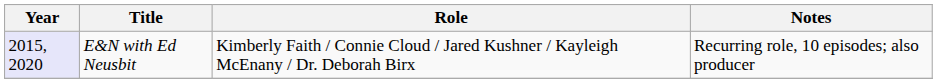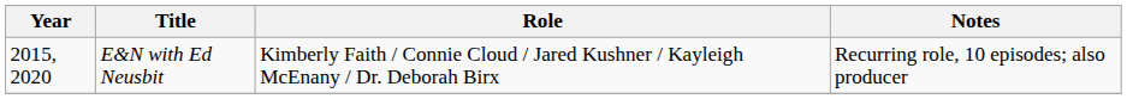 <table class="wikitable">
 <tr>
 <th>Year</th>
 <th>Title</th>
 <th>Role</th>
 <th>Notes</th>
 </tr>
 <tr>
-<td style="background: lavender;">2015, 2020</td>
+<td>2015, 2020</td>
 <td><em>E&N with Ed Neusbit</em></td>
 <td>Kimberly Faith / Connie Cloud / Jared Kushner / Kayleigh McEnany / Dr. Deborah Birx</td>
 <td>Recurring role, 10 episodes; also producer</td>
 </tr>
 <tr>
 </tr>
 </table>
